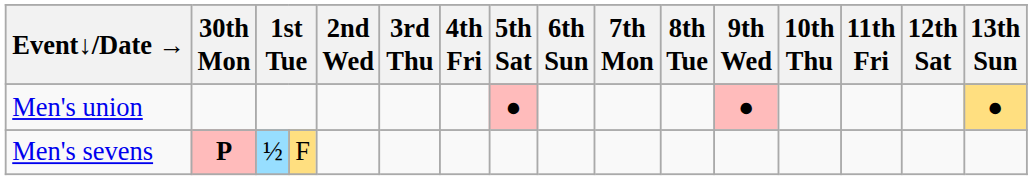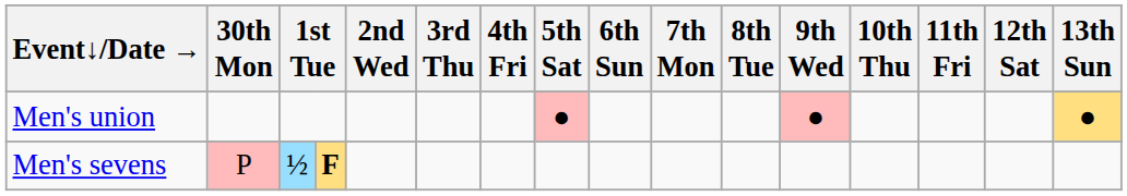 <table class="wikitable" style="margin:0.5em auto; font-size:90%; line-height:1.25em; text-align:center;">
 <tr>
 <th>Event↓/Date →</th>
 <th>30th<br>Mon</th>
 <th colspan=2>1st<br>Tue</th>
 <th>2nd<br>Wed</th>
 <th>3rd<br>Thu</th>
 <th>4th<br>Fri</th>
 <th>5th<br>Sat</th>
 <th>6th<br>Sun</th>
 <th>7th<br>Mon</th>
 <th>8th<br>Tue</th>
 <th>9th<br>Wed</th>
 <th>10th<br>Thu</th>
 <th>11th<br>Fri</th>
 <th>12th<br>Sat</th>
 <th>13th<br>Sun</th>
 </tr>
 <tr>
 <td style="text-align:left;"><a href='#'>Men's union</a></td>
 <td></td>
 <td colspan=2></td>
 <td></td>
 <td></td>
 <td></td>
 <td bgcolor="#FFBBBB">●</td>
 <td></td>
 <td></td>
 <td></td>
 <td bgcolor="#FFBBBB">●</td>
 <td></td>
 <td></td>
 <td></td>
 <td bgcolor="#FFDF80">●</td>
 </tr>
 <tr>
 <td style="text-align:left;"><a href='#'>Men's sevens</a></td>
-<td bgcolor="#FFBBBB"><strong>P</strong></td>
+<td bgcolor="#FFBBBB">P</td>
 <td bgcolor="#97DEFF">½</td>
-<td bgcolor="#FFDF80">F</td>
+<td bgcolor="#FFDF80"><strong>F</strong></td>
 <td></td>
 <td></td>
 <td></td>
 <td></td>
 <td></td>
 <td></td>
 <td></td>
 <td></td>
 <td></td>
 <td></td>
 <td></td>
 <td></td>
 </tr>
 </table>
